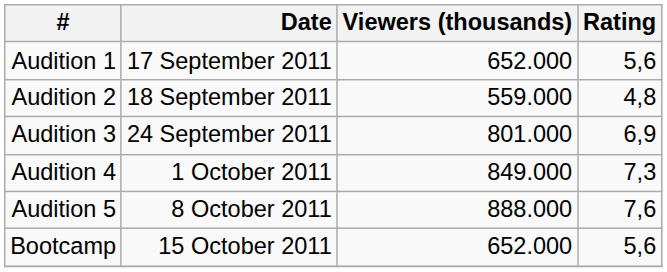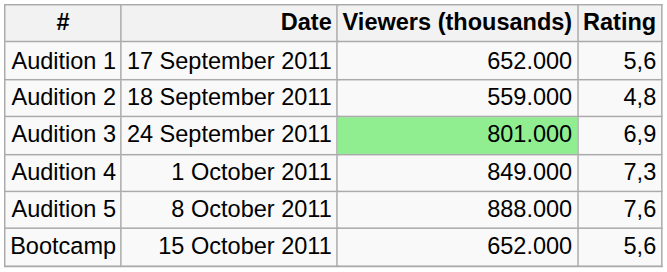 <table style="text-align:center;" class="wikitable sortable">
 <tr>
 <th>#</th>
 <th colspan="2" style="text-align: right">Date</th>
 <th style="text-align: right">Viewers (thousands)</th>
 <th style="text-align: right">Rating</th>
 </tr>
 <tr>
 <td style="text-align: right">Audition 1</td>
 <td colspan="2" style="text-align: right">17 September 2011</td>
 <td style="text-align: right">652.000</td>
 <td style="text-align: right">5,6</td>
 </tr>
 <tr>
 <td style="text-align: right">Audition 2</td>
 <td colspan="2" style="text-align: right">18 September 2011</td>
 <td style="text-align: right">559.000</td>
 <td style="text-align: right">4,8</td>
 </tr>
 <tr>
 <td style="text-align: right">Audition 3</td>
 <td colspan="2" style="text-align: right">24 September 2011</td>
-<td style="text-align: right">801.000</td>
+<td style="background: lightgreen; text-align: right">801.000</td>
 <td style="text-align: right">6,9</td>
 </tr>
 <tr>
 <td style="text-align: right">Audition 4</td>
 <td colspan="2" style="text-align: right">1 October 2011</td>
 <td style="text-align: right">849.000</td>
 <td style="text-align: right">7,3</td>
 </tr>
 <tr>
 <td style="text-align: right">Audition 5</td>
 <td colspan="2" style="text-align: right">8 October 2011</td>
 <td style="text-align: right">888.000</td>
 <td style="text-align: right">7,6</td>
 </tr>
 <tr>
 <td style="text-align: right">Bootcamp</td>
 <td colspan="2" style="text-align: right">15 October 2011</td>
 <td style="text-align: right">652.000</td>
 <td style="text-align: right">5,6</td>
 </tr>
 <tr>
 </tr>
 </table>
